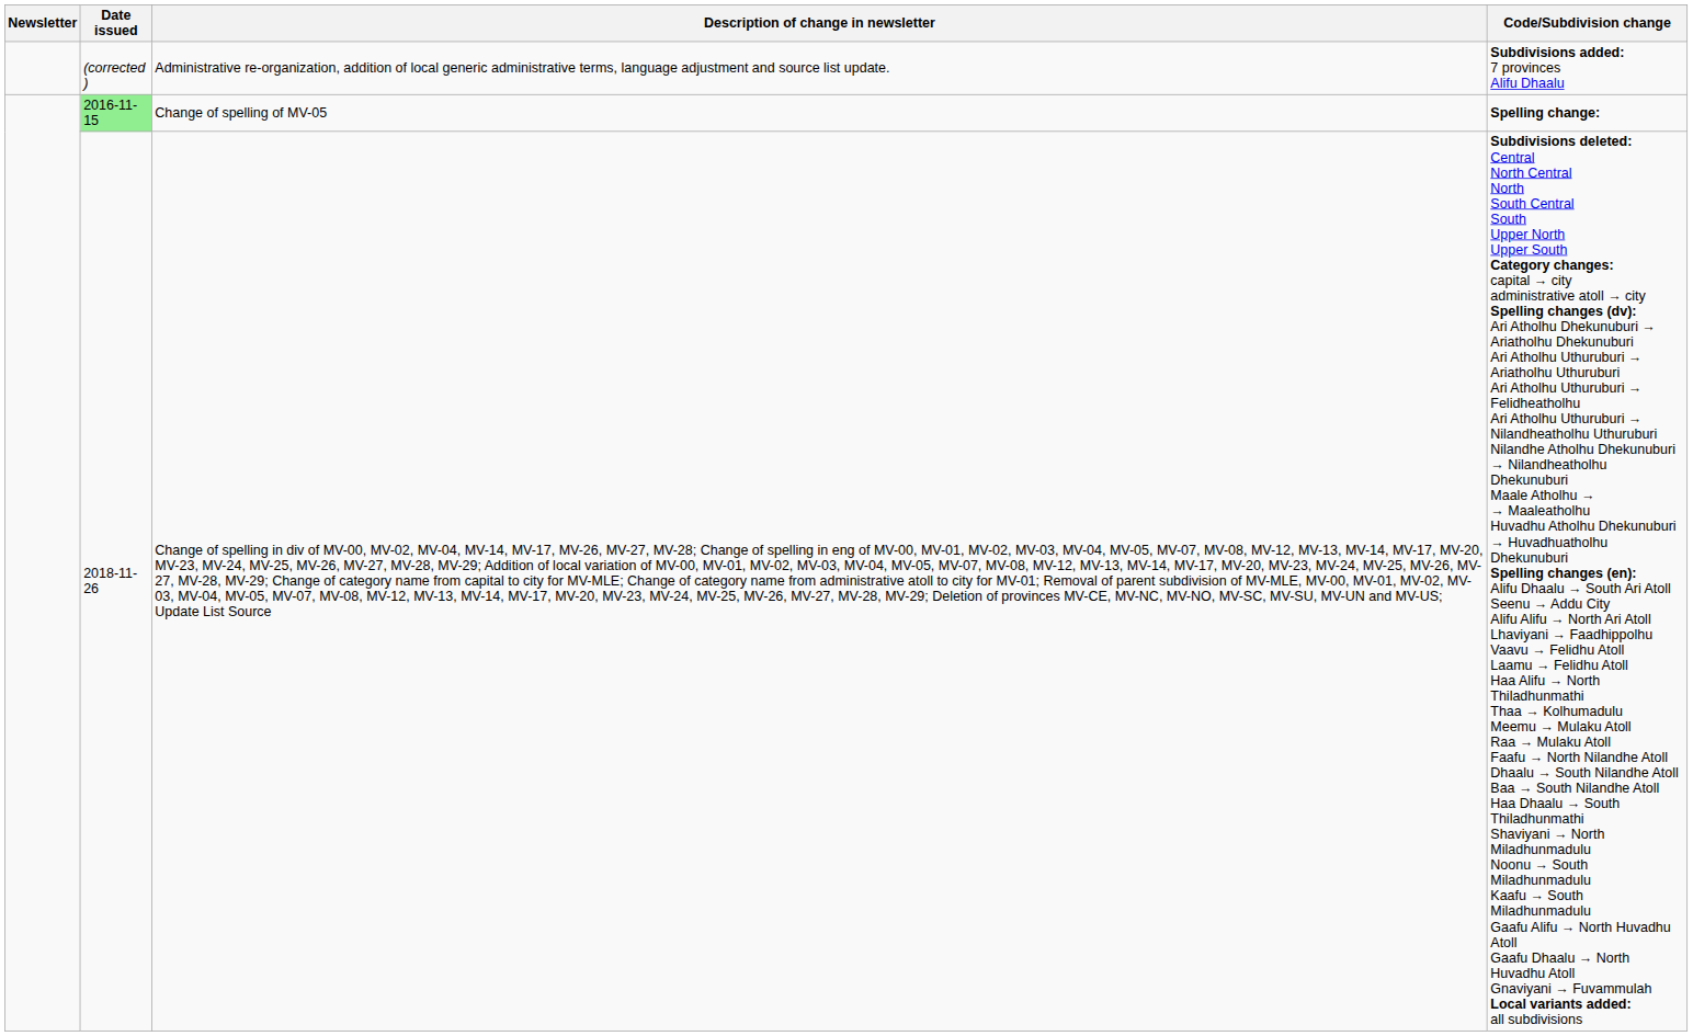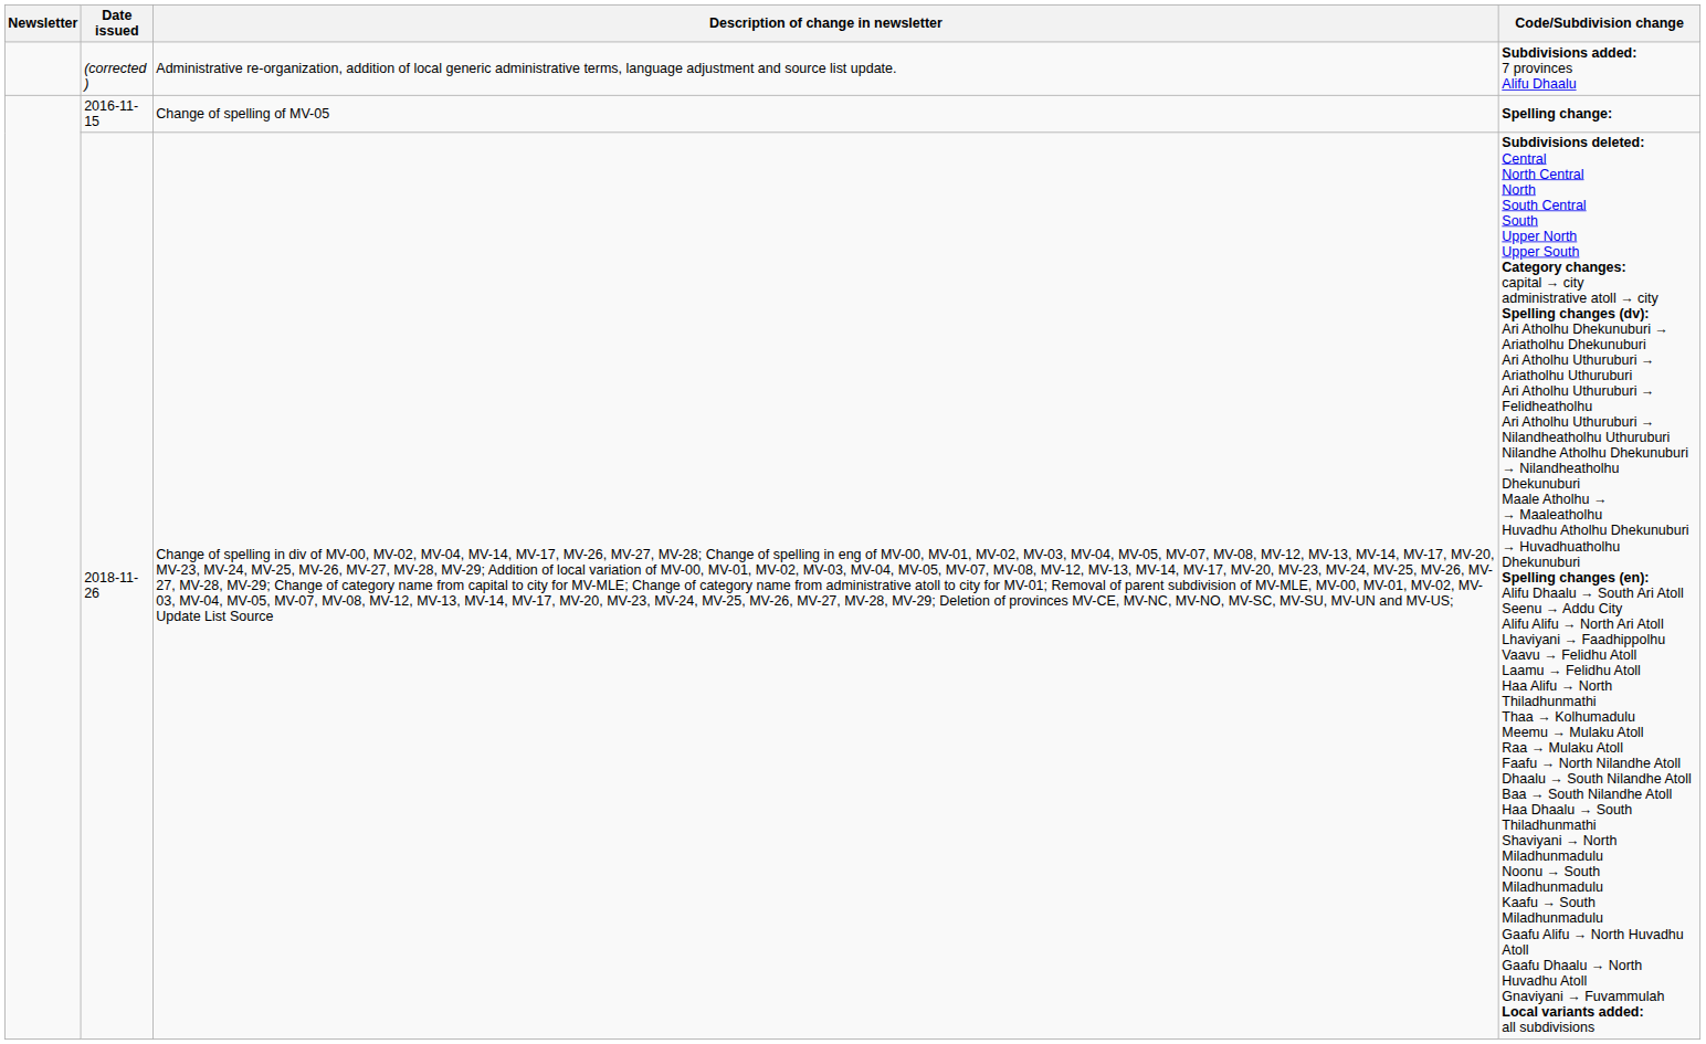 <table class="wikitable">
 <tr>
 <th>Newsletter</th>
 <th>Date issued</th>
 <th>Description of change in newsletter</th>
 <th>Code/Subdivision change</th>
 </tr>
 <tr>
 <td id="II-3"></td>
 <td><br> <em>(corrected<br> )</em></td>
 <td>Administrative re-organization, addition of local generic administrative terms, language adjustment and source list update.</td>
 <td style=white-space:nowrap><strong>Subdivisions added:</strong><br> 7 provinces<br>  <a href='#'>Alifu Dhaalu</a></td>
 </tr>
 <tr>
 <td rowspan="2"></td>
-<td style="background: lightgreen;">2016-11-15</td>
+<td>2016-11-15</td>
 <td>Change of spelling of MV-05</td>
 <td><strong>Spelling change:</strong><br></td>
 </tr>
 <tr>
 <td>2018-11-26</td>
 <td>Change of spelling in div of MV-00, MV-02, MV-04, MV-14, MV-17, MV-26, MV-27, MV-28; Change of spelling in eng of MV-00, MV-01, MV-02, MV-03, MV-04, MV-05, MV-07, MV-08, MV-12, MV-13, MV-14, MV-17, MV-20, MV-23, MV-24, MV-25, MV-26, MV-27, MV-28, MV-29; Addition of local variation of MV-00, MV-01, MV-02, MV-03, MV-04, MV-05, MV-07, MV-08, MV-12, MV-13, MV-14, MV-17, MV-20, MV-23, MV-24, MV-25, MV-26, MV-27, MV-28, MV-29; Change of category name from capital to city for MV-MLE; Change of category name from administrative atoll to city for MV-01; Removal of parent subdivision of MV-MLE, MV-00, MV-01, MV-02, MV-03, MV-04, MV-05, MV-07, MV-08, MV-12, MV-13, MV-14, MV-17, MV-20, MV-23, MV-24, MV-25, MV-26, MV-27, MV-28, MV-29; Deletion of provinces MV-CE, MV-NC, MV-NO, MV-SC, MV-SU, MV-UN and MV-US; Update List Source</td>
 <td><strong>Subdivisions deleted:</strong><br> <a href='#'>Central</a><br> <a href='#'>North Central</a><br> <a href='#'>North</a><br> <a href='#'>South Central</a><br> <a href='#'>South</a><br> <a href='#'>Upper North</a><br> <a href='#'>Upper South</a><br><strong>Category changes:</strong><br> capital → city<br> administrative atoll → city<br><strong>Spelling changes (dv):</strong><br> Ari Atholhu Dhekunuburi → Ariatholhu Dhekunuburi<br> Ari Atholhu Uthuruburi → Ariatholhu Uthuruburi<br> Ari Atholhu Uthuruburi → Felidheatholhu<br> Ari Atholhu Uthuruburi → Nilandheatholhu Uthuruburi<br> Nilandhe Atholhu Dhekunuburi → Nilandheatholhu Dhekunuburi<br> Maale Atholhu → <br> → Maaleatholhu<br> Huvadhu Atholhu Dhekunuburi → Huvadhuatholhu Dhekunuburi<br><strong>Spelling changes (en):</strong><br> Alifu Dhaalu → South Ari Atoll<br> Seenu → Addu City<br> Alifu Alifu → North Ari Atoll<br> Lhaviyani → Faadhippolhu<br> Vaavu → Felidhu Atoll<br> Laamu → Felidhu Atoll<br> Haa Alifu → North Thiladhunmathi<br> Thaa → Kolhumadulu<br> Meemu → Mulaku Atoll<br> Raa → Mulaku Atoll<br> Faafu → North Nilandhe Atoll<br> Dhaalu → South Nilandhe Atoll<br> Baa → South Nilandhe Atoll<br> Haa Dhaalu → South Thiladhunmathi<br> Shaviyani → North Miladhunmadulu<br> Noonu → South Miladhunmadulu<br> Kaafu → South Miladhunmadulu<br> Gaafu Alifu → North Huvadhu Atoll<br> Gaafu Dhaalu → North Huvadhu Atoll<br> Gnaviyani → Fuvammulah<br><strong>Local variants added:</strong><br>all subdivisions</td>
 </tr>
 </table>
